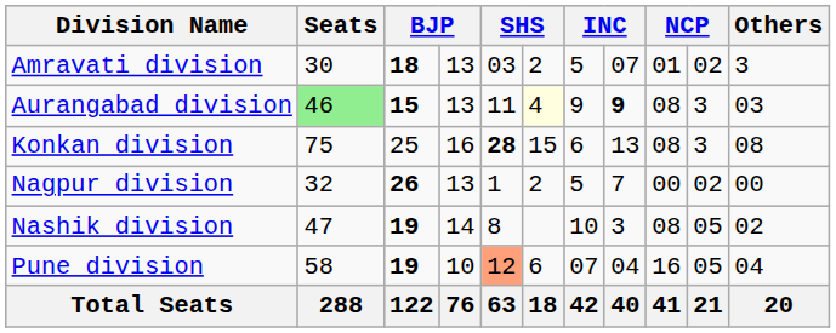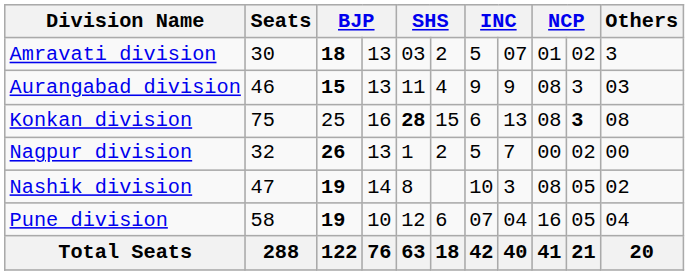 <table class="wikitable">
 <tr>
 <th>Division Name</th>
 <th>Seats</th>
 <th colspan="2"><a href='#'>BJP</a></th>
 <th colspan="2"><a href='#'>SHS</a></th>
 <th colspan="2"><a href='#'>INC</a></th>
 <th colspan="2"><a href='#'>NCP</a></th>
 <th>Others</th>
 </tr>
 <tr>
 <td><a href='#'>Amravati division</a></td>
 <td>30</td>
 <td><strong>18</strong></td>
 <td> 13</td>
 <td>03</td>
 <td> 2</td>
 <td>5</td>
 <td> 07</td>
 <td>01</td>
 <td> 02</td>
 <td>3</td>
 </tr>
 <tr>
 <td><a href='#'>Aurangabad division</a></td>
-<td style="background: lightgreen;">46</td>
+<td>46</td>
 <td><strong>15</strong></td>
 <td> 13</td>
 <td>11</td>
-<td style="background: lightyellow;"> 4</td>
+<td> 4</td>
 <td>9</td>
-<td><strong> 9</strong></td>
+<td> 9</td>
 <td>08</td>
 <td> 3</td>
 <td>03</td>
 </tr>
 <tr>
 <td><a href='#'>Konkan division</a></td>
 <td>75</td>
 <td>25</td>
 <td> 16</td>
 <td><strong>28</strong></td>
 <td> 15</td>
 <td>6</td>
 <td> 13</td>
 <td>08</td>
-<td> 3</td>
+<td><strong> 3</strong></td>
 <td>08</td>
 </tr>
 <tr>
 <td><a href='#'>Nagpur division</a></td>
 <td>32</td>
 <td><strong>26</strong></td>
 <td> 13</td>
 <td>1</td>
 <td> 2</td>
 <td>5</td>
 <td> 7</td>
 <td>00</td>
 <td> 02</td>
 <td>00</td>
 </tr>
 <tr>
 <td><a href='#'>Nashik division</a></td>
 <td>47</td>
 <td><strong>19</strong></td>
 <td> 14</td>
 <td>8</td>
 <td></td>
 <td>10</td>
 <td> 3</td>
 <td>08</td>
 <td> 05</td>
 <td>02</td>
 </tr>
 <tr>
 <td><a href='#'>Pune division</a></td>
 <td>58</td>
 <td><strong>19</strong></td>
 <td> 10</td>
-<td style="background: lightsalmon;">12</td>
+<td>12</td>
 <td> 6</td>
 <td>07</td>
 <td> 04</td>
 <td>16</td>
 <td> 05</td>
 <td>04</td>
 </tr>
 <tr>
 <th>Total Seats</th>
 <th>288</th>
 <th>122</th>
 <th> 76</th>
 <th>63</th>
 <th> 18</th>
 <th>42</th>
 <th> 40</th>
 <th>41</th>
 <th> 21</th>
 <th>20</th>
 </tr>
 </table>
